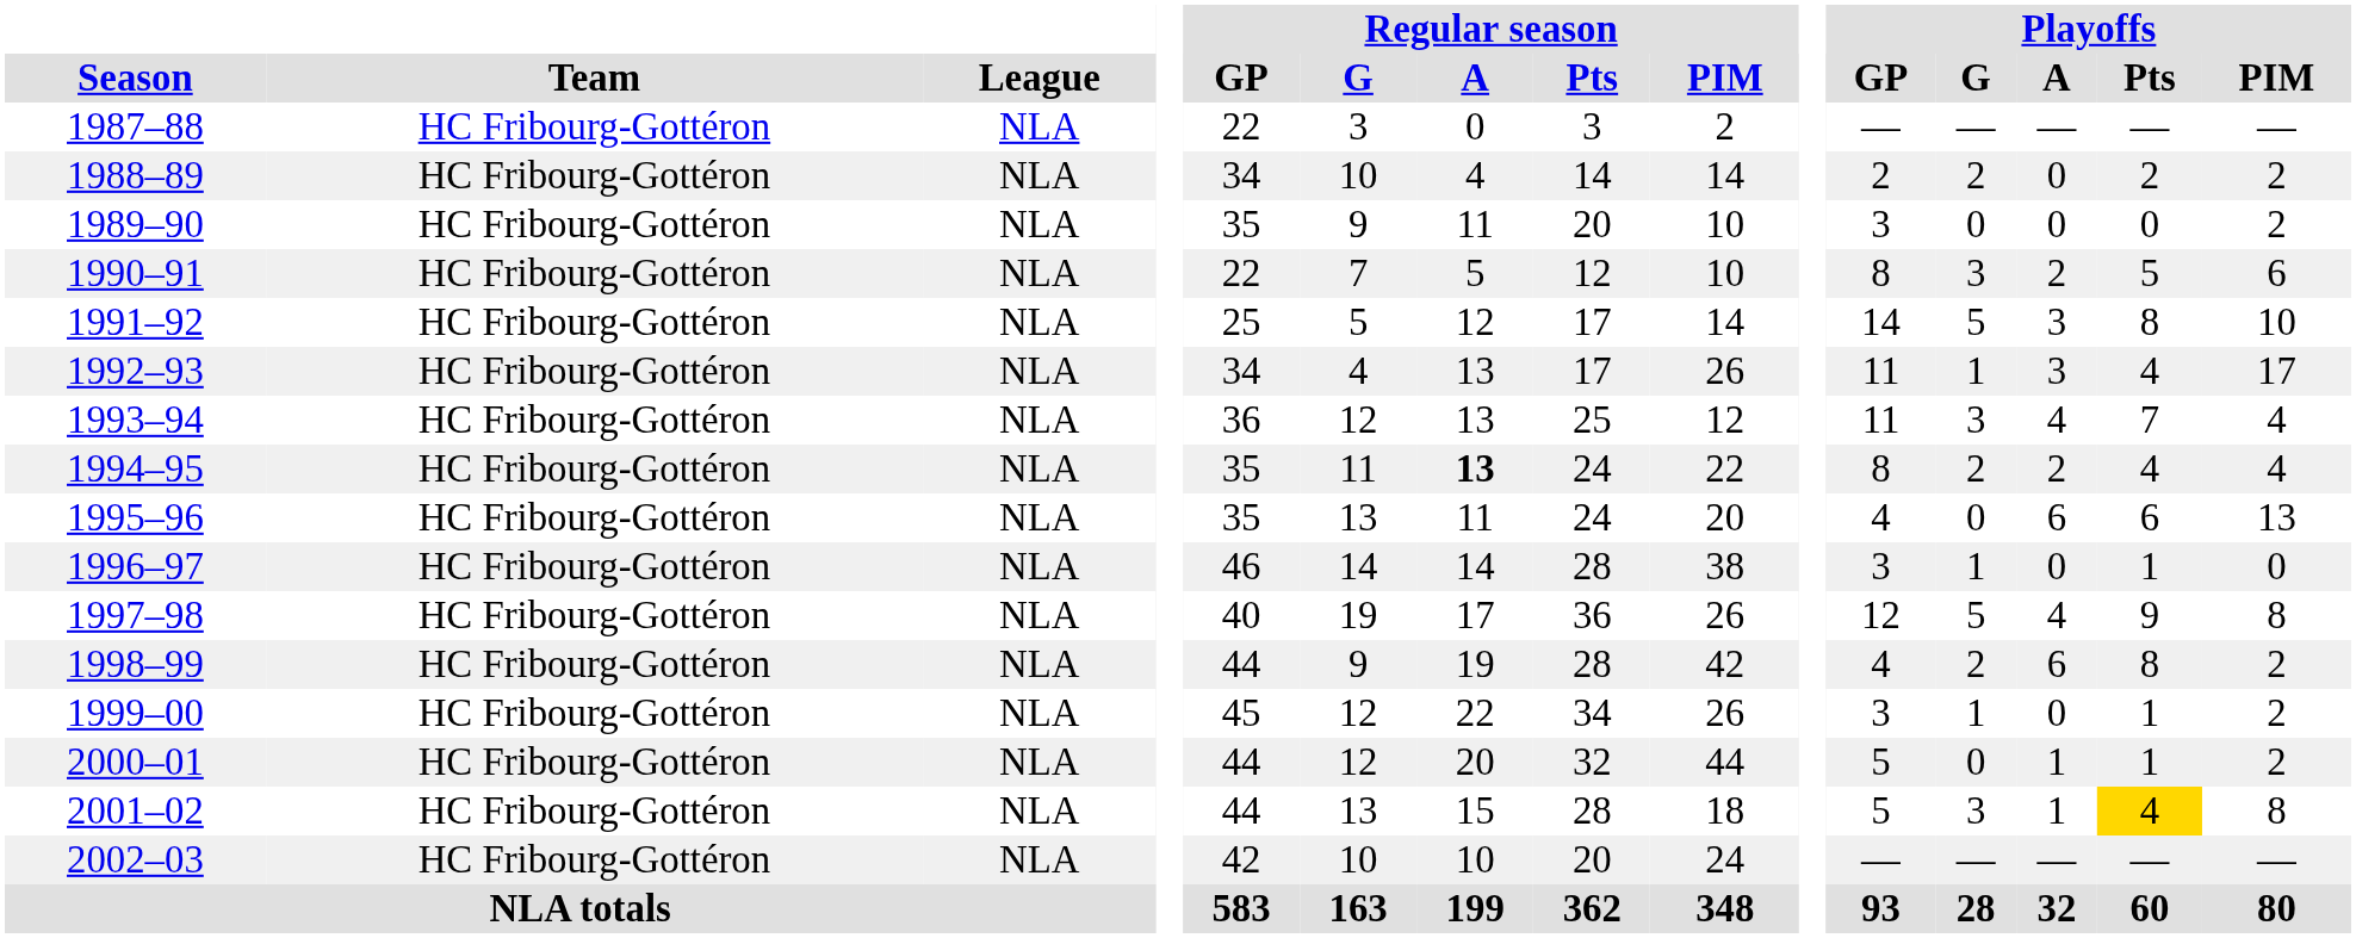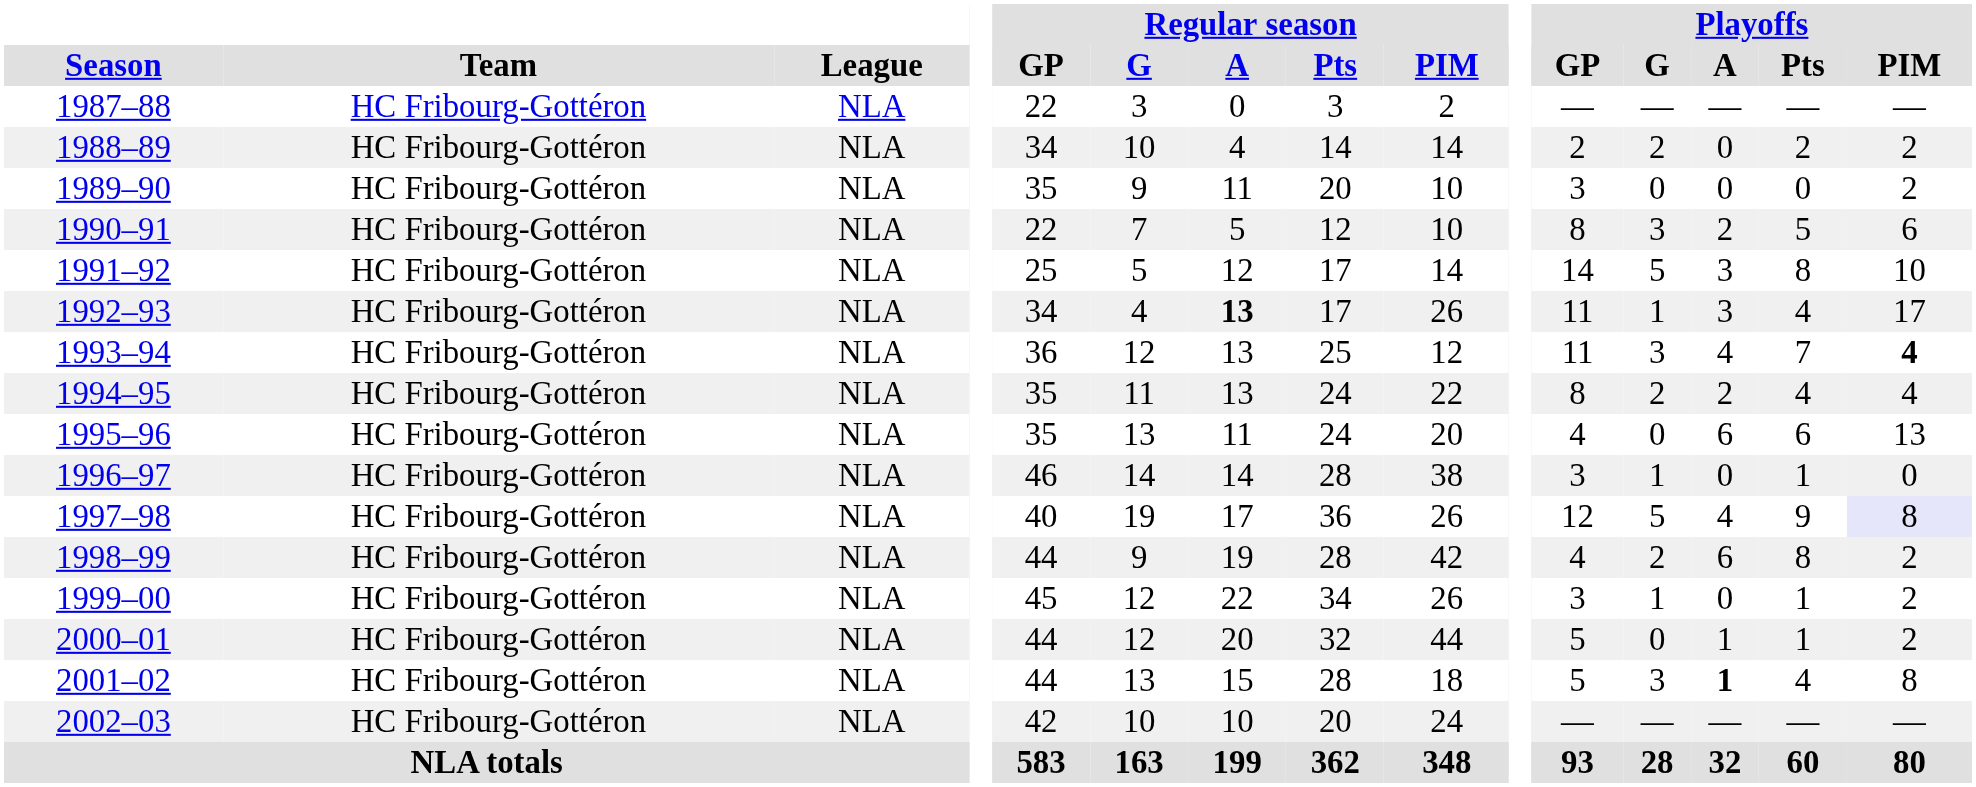 <table border="0" cellpadding="1" cellspacing="0" style="text-align:center; width:60em">
 <tr bgcolor="#e0e0e0">
 <th colspan="3" bgcolor="#ffffff"> </th>
 <th rowspan="99" bgcolor="#ffffff"> </th>
 <th colspan="5"><a href='#'>Regular season</a></th>
 <th rowspan="99" bgcolor="#ffffff"> </th>
 <th colspan="5"><a href='#'>Playoffs</a></th>
 </tr>
 <tr bgcolor="#e0e0e0">
 <th><a href='#'>Season</a></th>
 <th>Team</th>
 <th>League</th>
 <th>GP</th>
 <th><a href='#'>G</a></th>
 <th><a href='#'>A</a></th>
 <th><a href='#'>Pts</a></th>
 <th><a href='#'>PIM</a></th>
 <th>GP</th>
 <th>G</th>
 <th>A</th>
 <th>Pts</th>
 <th>PIM</th>
 </tr>
 <tr>
 <td><a href='#'>1987–88</a></td>
 <td><a href='#'>HC Fribourg-Gottéron</a></td>
 <td><a href='#'>NLA</a></td>
 <td>22</td>
 <td>3</td>
 <td>0</td>
 <td>3</td>
 <td>2</td>
 <td>—</td>
 <td>—</td>
 <td>—</td>
 <td>—</td>
 <td>—</td>
 </tr>
 <tr bgcolor="#f0f0f0">
 <td><a href='#'>1988–89</a></td>
 <td>HC Fribourg-Gottéron</td>
 <td>NLA</td>
 <td>34</td>
 <td>10</td>
 <td>4</td>
 <td>14</td>
 <td>14</td>
 <td>2</td>
 <td>2</td>
 <td>0</td>
 <td>2</td>
 <td>2</td>
 </tr>
 <tr>
 <td><a href='#'>1989–90</a></td>
 <td>HC Fribourg-Gottéron</td>
 <td>NLA</td>
 <td>35</td>
 <td>9</td>
 <td>11</td>
 <td>20</td>
 <td>10</td>
 <td>3</td>
 <td>0</td>
 <td>0</td>
 <td>0</td>
 <td>2</td>
 </tr>
 <tr bgcolor="#f0f0f0">
 <td><a href='#'>1990–91</a></td>
 <td>HC Fribourg-Gottéron</td>
 <td>NLA</td>
 <td>22</td>
 <td>7</td>
 <td>5</td>
 <td>12</td>
 <td>10</td>
 <td>8</td>
 <td>3</td>
 <td>2</td>
 <td>5</td>
 <td>6</td>
 </tr>
 <tr>
 <td><a href='#'>1991–92</a></td>
 <td>HC Fribourg-Gottéron</td>
 <td>NLA</td>
 <td>25</td>
 <td>5</td>
 <td>12</td>
 <td>17</td>
 <td>14</td>
 <td>14</td>
 <td>5</td>
 <td>3</td>
 <td>8</td>
 <td>10</td>
 </tr>
 <tr bgcolor="#f0f0f0">
 <td><a href='#'>1992–93</a></td>
 <td>HC Fribourg-Gottéron</td>
 <td>NLA</td>
 <td>34</td>
 <td>4</td>
-<td>13</td>
+<td><strong>13</strong></td>
 <td>17</td>
 <td>26</td>
 <td>11</td>
 <td>1</td>
 <td>3</td>
 <td>4</td>
 <td>17</td>
 </tr>
 <tr>
 <td><a href='#'>1993–94</a></td>
 <td>HC Fribourg-Gottéron</td>
 <td>NLA</td>
 <td>36</td>
 <td>12</td>
 <td>13</td>
 <td>25</td>
 <td>12</td>
 <td>11</td>
 <td>3</td>
 <td>4</td>
 <td>7</td>
-<td>4</td>
+<td><strong>4</strong></td>
 </tr>
 <tr bgcolor="#f0f0f0">
 <td><a href='#'>1994–95</a></td>
 <td>HC Fribourg-Gottéron</td>
 <td>NLA</td>
 <td>35</td>
 <td>11</td>
-<td><strong>13</strong></td>
+<td>13</td>
 <td>24</td>
 <td>22</td>
 <td>8</td>
 <td>2</td>
 <td>2</td>
 <td>4</td>
 <td>4</td>
 </tr>
 <tr>
 <td><a href='#'>1995–96</a></td>
 <td>HC Fribourg-Gottéron</td>
 <td>NLA</td>
 <td>35</td>
 <td>13</td>
 <td>11</td>
 <td>24</td>
 <td>20</td>
 <td>4</td>
 <td>0</td>
 <td>6</td>
 <td>6</td>
 <td>13</td>
 </tr>
 <tr bgcolor="#f0f0f0">
 <td><a href='#'>1996–97</a></td>
 <td>HC Fribourg-Gottéron</td>
 <td>NLA</td>
 <td>46</td>
 <td>14</td>
 <td>14</td>
 <td>28</td>
 <td>38</td>
 <td>3</td>
 <td>1</td>
 <td>0</td>
 <td>1</td>
 <td>0</td>
 </tr>
 <tr>
 <td><a href='#'>1997–98</a></td>
 <td>HC Fribourg-Gottéron</td>
 <td>NLA</td>
 <td>40</td>
 <td>19</td>
 <td>17</td>
 <td>36</td>
 <td>26</td>
 <td>12</td>
 <td>5</td>
 <td>4</td>
 <td>9</td>
-<td>8</td>
+<td style="background: lavender;">8</td>
 </tr>
 <tr bgcolor="#f0f0f0">
 <td><a href='#'>1998–99</a></td>
 <td>HC Fribourg-Gottéron</td>
 <td>NLA</td>
 <td>44</td>
 <td>9</td>
 <td>19</td>
 <td>28</td>
 <td>42</td>
 <td>4</td>
 <td>2</td>
 <td>6</td>
 <td>8</td>
 <td>2</td>
 </tr>
 <tr>
 <td><a href='#'>1999–00</a></td>
 <td>HC Fribourg-Gottéron</td>
 <td>NLA</td>
 <td>45</td>
 <td>12</td>
 <td>22</td>
 <td>34</td>
 <td>26</td>
 <td>3</td>
 <td>1</td>
 <td>0</td>
 <td>1</td>
 <td>2</td>
 </tr>
 <tr bgcolor="#f0f0f0">
 <td><a href='#'>2000–01</a></td>
 <td>HC Fribourg-Gottéron</td>
 <td>NLA</td>
 <td>44</td>
 <td>12</td>
 <td>20</td>
 <td>32</td>
 <td>44</td>
 <td>5</td>
 <td>0</td>
 <td>1</td>
 <td>1</td>
 <td>2</td>
 </tr>
 <tr>
 <td><a href='#'>2001–02</a></td>
 <td>HC Fribourg-Gottéron</td>
 <td>NLA</td>
 <td>44</td>
 <td>13</td>
 <td>15</td>
 <td>28</td>
 <td>18</td>
 <td>5</td>
 <td>3</td>
-<td>1</td>
-<td style="background: gold;">4</td>
+<td><strong>1</strong></td>
+<td>4</td>
 <td>8</td>
 </tr>
 <tr bgcolor="#f0f0f0">
 <td><a href='#'>2002–03</a></td>
 <td>HC Fribourg-Gottéron</td>
 <td>NLA</td>
 <td>42</td>
 <td>10</td>
 <td>10</td>
 <td>20</td>
 <td>24</td>
 <td>—</td>
 <td>—</td>
 <td>—</td>
 <td>—</td>
 <td>—</td>
 </tr>
 <tr>
 </tr>
 <tr ALIGN="center" bgcolor="#e0e0e0">
 <th colspan="3">NLA totals</th>
 <th ALIGN="center">583</th>
 <th ALIGN="center">163</th>
 <th ALIGN="center">199</th>
 <th ALIGN="center">362</th>
 <th ALIGN="center">348</th>
 <th ALIGN="center">93</th>
 <th ALIGN="center">28</th>
 <th ALIGN="center">32</th>
 <th ALIGN="center">60</th>
 <th ALIGN="center">80</th>
 </tr>
 </table>
